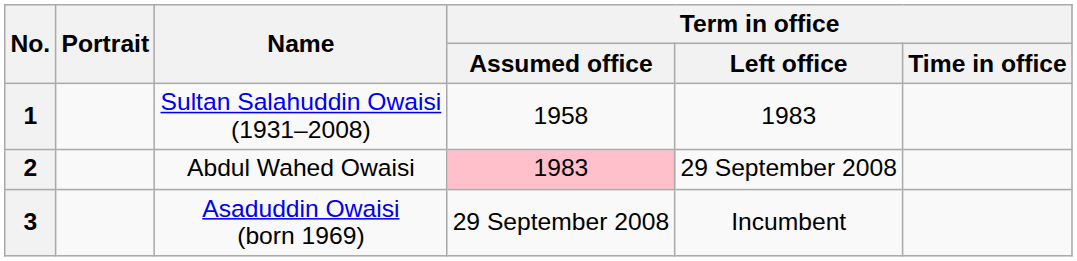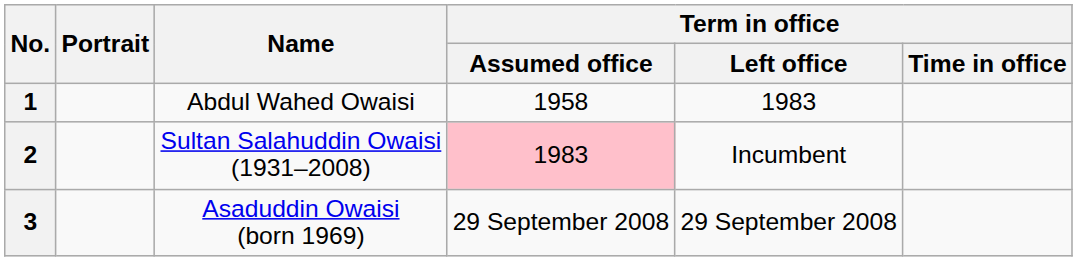 <table class="wikitable" style="text-align:center">
 <tr>
 <th rowspan=2 style="background-color:">No.</th>
 <th rowspan=2 style="background-color:">Portrait</th>
 <th rowspan=2 style="background-color:">Name<br></th>
 <th colspan=3 style="background-color:">Term in office</th>
 </tr>
 <tr>
 <th style="background-color:">Assumed office</th>
 <th style="background-color:">Left office</th>
 <th style="background-color:">Time in office</th>
 </tr>
 <tr>
 <th>1</th>
 <td></td>
-<td><a href='#'>Sultan Salahuddin Owaisi</a><br>(1931–2008)</td>
+<td>Abdul Wahed Owaisi</td>
 <td>1958</td>
 <td>1983</td>
 <td></td>
 </tr>
 <tr>
 <th>2</th>
 <td></td>
-<td>Abdul Wahed Owaisi</td>
+<td><a href='#'>Sultan Salahuddin Owaisi</a><br>(1931–2008)</td>
 <td style="background: pink;">1983</td>
-<td>29 September 2008</td>
+<td>Incumbent</td>
 <td></td>
 </tr>
 <tr>
 <th>3</th>
 <td></td>
 <td><a href='#'>Asaduddin Owaisi</a><br>(born 1969)</td>
 <td>29 September 2008</td>
-<td>Incumbent</td>
+<td>29 September 2008</td>
 <td></td>
 </tr>
 </table>
